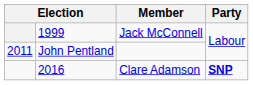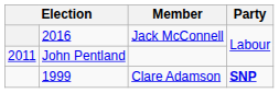 <table class="wikitable">
 <tr>
 <th colspan="2">Election</th>
 <th>Member</th>
 <th>Party</th>
 </tr>
 <tr>
 <th style="background-color: "></th>
-<td><a href='#'>1999</a></td>
+<td><a href='#'>2016</a></td>
 <td><a href='#'>Jack McConnell</a></td>
 <td rowspan="2"><a href='#'>Labour</a></td>
 </tr>
 <tr>
 <td><a href='#'>2011</a></td>
 <td><a href='#'>John Pentland</a></td>
 </tr>
 <tr>
 <td style="background-color: "></td>
-<td><a href='#'>2016</a></td>
+<td><a href='#'>1999</a></td>
 <td><a href='#'>Clare Adamson</a></td>
 <td><strong><a href='#'>SNP</a></strong></td>
 </tr>
 </table>
